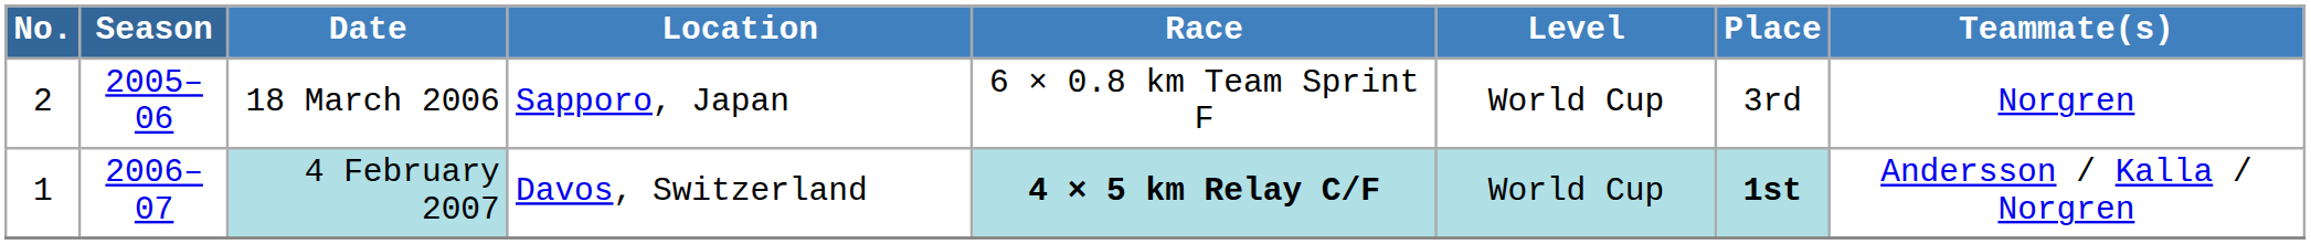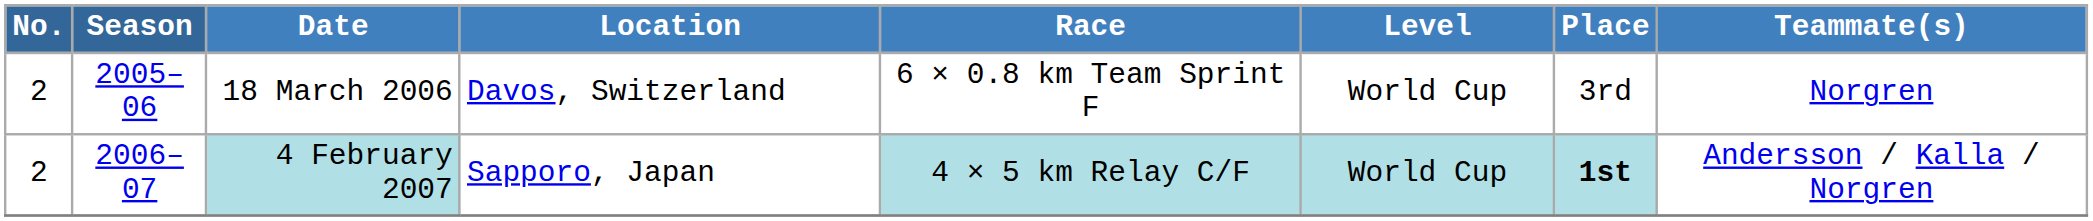 <table class="wikitable sortable" style="font-size:95%; text-align:center; border:grey solid 1px; border-collapse:collapse; background:#ffffff;">
 <tr style="background:#efefef;">
 <th style="background-color:#369; color:white;">No.</th>
 <th style="background-color:#369; color:white;">Season</th>
 <th style="background-color:#4180be; color:white; width:100px;">Date</th>
 <th style="background-color:#4180be; color:white; width:170px;">Location</th>
 <th style="background-color:#4180be; color:white; width:170px;">Race</th>
 <th style="background-color:#4180be; color:white; width:100px;">Level</th>
 <th style="background-color:#4180be; color:white;">Place</th>
 <th style="background-color:#4180be; color:white;">Teammate(s)</th>
 </tr>
 <tr>
 <td align=center>2</td>
 <td rowspan=1 align=center><a href='#'>2005–06</a></td>
 <td align=right>18 March 2006</td>
-<td align=left> <a href='#'>Sapporo</a>, Japan</td>
+<td align=left> <a href='#'>Davos</a>, Switzerland</td>
 <td>6 × 0.8 km Team Sprint F</td>
 <td>World Cup</td>
 <td>3rd</td>
 <td><a href='#'>Norgren</a></td>
 </tr>
 <tr>
-<td align=center>1</td>
+<td align=center>2</td>
 <td rowspan=1 align=center><a href='#'>2006–07</a></td>
 <td bgcolor="#BOEOE6" align=right>4 February 2007</td>
-<td align=left> <a href='#'>Davos</a>, Switzerland</td>
-<td bgcolor="#BOEOE6"><strong>4 × 5 km Relay C/F</strong></td>
+<td align=left> <a href='#'>Sapporo</a>, Japan</td>
+<td bgcolor="#BOEOE6">4 × 5 km Relay C/F</td>
 <td bgcolor="#BOEOE6">World Cup</td>
 <td bgcolor="#BOEOE6"><strong>1st</strong></td>
 <td><a href='#'>Andersson</a> / <a href='#'>Kalla</a> / <a href='#'>Norgren</a></td>
 </tr>
 <tr>
 </tr>
 </table>
